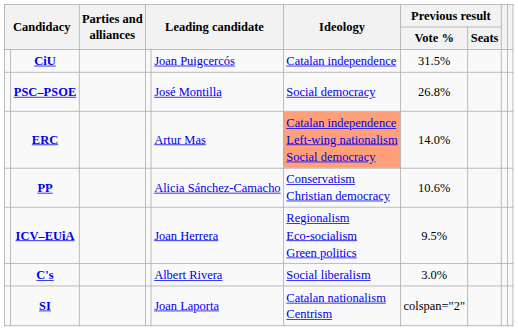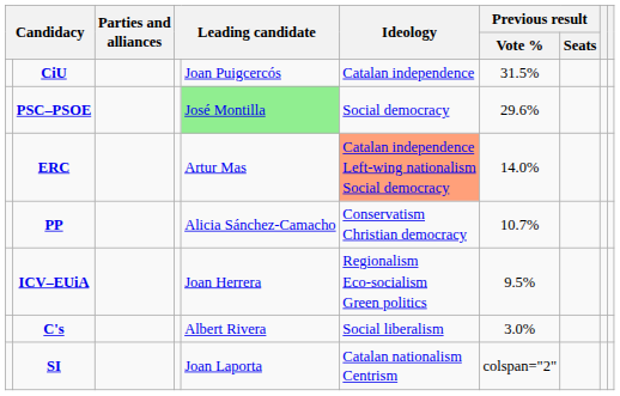 <table class="wikitable" style="line-height:1.35em; text-align:left;">
 <tr>
 <th colspan="2" rowspan="2">Candidacy</th>
 <th rowspan="2">Parties and<br>alliances</th>
 <th colspan="2" rowspan="2">Leading candidate</th>
 <th rowspan="2">Ideology</th>
 <th colspan="2">Previous result</th>
 <th rowspan="2"></th>
 <th rowspan="2"></th>
 </tr>
 <tr>
 <th>Vote %</th>
 <th>Seats</th>
 </tr>
 <tr>
 <td width="1" style="color:inherit;background:"></td>
 <td align="center"><strong><a href='#'>CiU</a></strong></td>
 <td></td>
 <td></td>
 <td><a href='#'>Joan Puigcercós</a></td>
 <td><a href='#'>Catalan independence</a></td>
 <td align="center">31.5%</td>
 <td></td>
 <td></td>
 <td></td>
 </tr>
 <tr>
 <td style="color:inherit;background:"></td>
 <td align="center"><strong><a href='#'>PSC–PSOE</a></strong></td>
 <td></td>
 <td></td>
-<td><a href='#'>José Montilla</a></td>
+<td style="background: lightgreen;"><a href='#'>José Montilla</a></td>
 <td><a href='#'>Social democracy</a></td>
-<td align="center">26.8%</td>
+<td align="center">29.6%</td>
 <td></td>
 <td></td>
 <td><br><br></td>
 </tr>
 <tr>
 <td style="color:inherit;background:"></td>
 <td align="center"><strong><a href='#'>ERC</a></strong></td>
 <td></td>
 <td></td>
 <td><a href='#'>Artur Mas</a></td>
 <td style="background: lightsalmon;"><a href='#'>Catalan independence</a><br><a href='#'>Left-wing nationalism</a><br><a href='#'>Social democracy</a></td>
 <td align="center">14.0%</td>
 <td></td>
 <td></td>
 <td><br></td>
 </tr>
 <tr>
 <td style="color:inherit;background:"></td>
 <td align="center"><strong><a href='#'>PP</a></strong></td>
 <td></td>
 <td></td>
 <td><a href='#'>Alicia Sánchez-Camacho</a></td>
 <td><a href='#'>Conservatism</a><br><a href='#'>Christian democracy</a></td>
-<td align="center">10.6%</td>
+<td align="center">10.7%</td>
 <td></td>
 <td></td>
 <td><br></td>
 </tr>
 <tr>
 <td style="color:inherit;background:"></td>
 <td align="center"><strong><a href='#'>ICV–EUiA</a></strong></td>
 <td></td>
 <td></td>
 <td><a href='#'>Joan Herrera</a></td>
 <td><a href='#'>Regionalism</a><br><a href='#'>Eco-socialism</a><br><a href='#'>Green politics</a></td>
 <td align="center">9.5%</td>
 <td></td>
 <td></td>
 <td><br><br></td>
 </tr>
 <tr>
 <td style="color:inherit;background:"></td>
 <td align="center"><strong><a href='#'>C's</a></strong></td>
 <td></td>
 <td></td>
 <td><a href='#'>Albert Rivera</a></td>
 <td><a href='#'>Social liberalism</a></td>
 <td align="center">3.0%</td>
 <td></td>
 <td></td>
 <td></td>
 </tr>
 <tr>
 <td style="color:inherit;background:"></td>
 <td align="center"><strong><a href='#'>SI</a></strong></td>
 <td></td>
 <td></td>
 <td><a href='#'>Joan Laporta</a></td>
 <td><a href='#'>Catalan nationalism</a><br><a href='#'>Centrism</a></td>
 <td>colspan="2" </td>
 <td></td>
 <td></td>
 </tr>
 </table>
